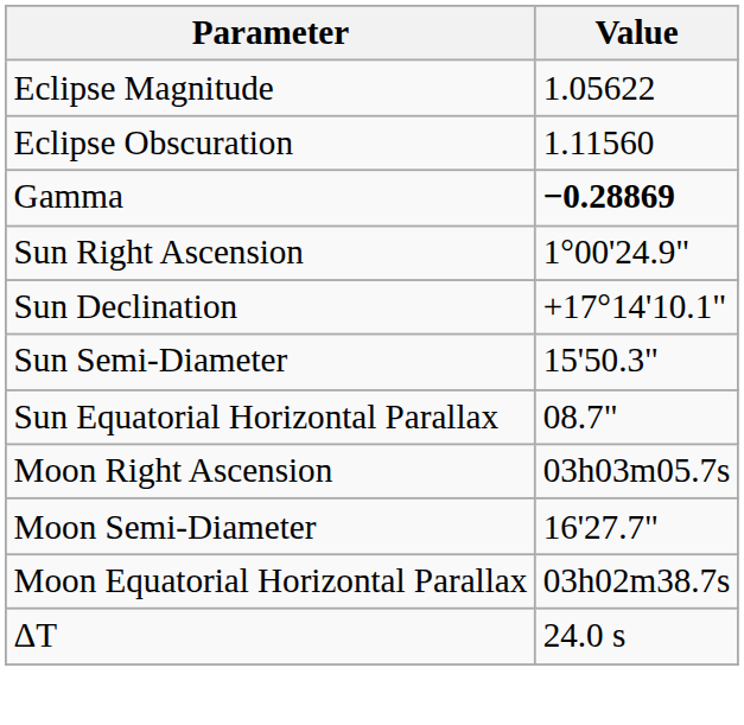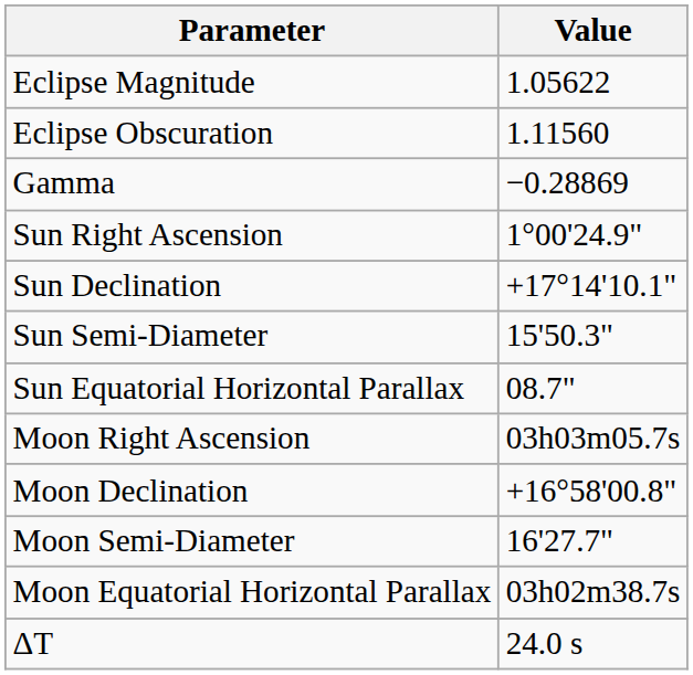 <table class="wikitable">
 <tr>
 <th>Parameter</th>
 <th>Value</th>
 </tr>
 <tr>
 <td>Eclipse Magnitude</td>
 <td>1.05622</td>
 </tr>
 <tr>
 <td>Eclipse Obscuration</td>
 <td>1.11560</td>
 </tr>
 <tr>
 <td>Gamma</td>
-<td><strong>−0.28869</strong></td>
+<td>−0.28869</td>
 </tr>
 <tr>
 <td>Sun Right Ascension</td>
 <td>1°00'24.9"</td>
 </tr>
 <tr>
 <td>Sun Declination</td>
 <td>+17°14'10.1"</td>
 </tr>
 <tr>
 <td>Sun Semi-Diameter</td>
 <td>15'50.3"</td>
 </tr>
 <tr>
 <td>Sun Equatorial Horizontal Parallax</td>
 <td>08.7"</td>
 </tr>
 <tr>
 <td>Moon Right Ascension</td>
 <td>03h03m05.7s</td>
 </tr>
 <tr>
+<td>Moon Declination</td>
+<td>+16°58'00.8"</td>
+</tr>
+<tr>
 <td>Moon Semi-Diameter</td>
 <td>16'27.7"</td>
 </tr>
 <tr>
 <td>Moon Equatorial Horizontal Parallax</td>
 <td>03h02m38.7s</td>
 </tr>
 <tr>
 <td>ΔT</td>
 <td>24.0 s</td>
 </tr>
 </table>
